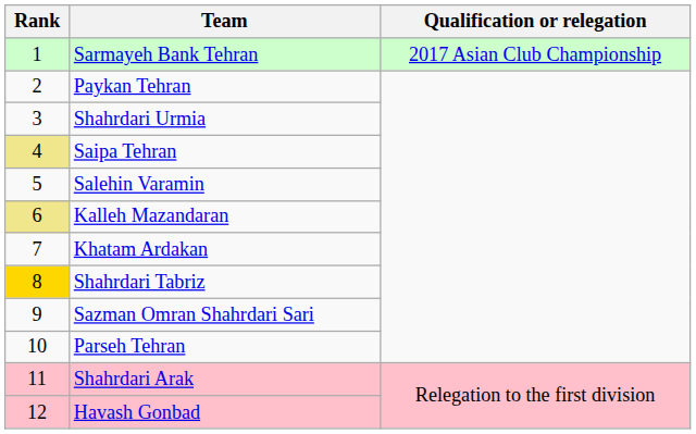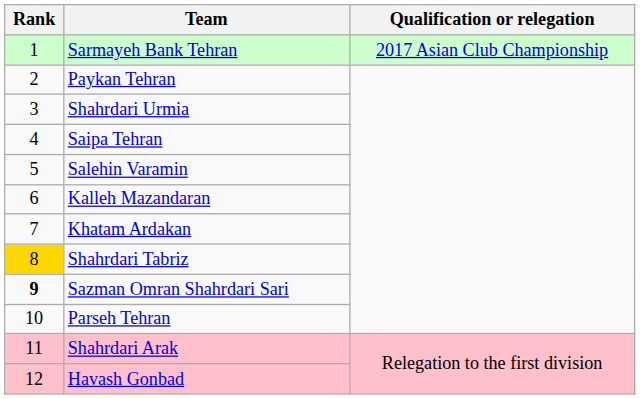 <table class="wikitable" style="text-align:center; font-size:90%">
 <tr>
 <th width=40>Rank</th>
 <th width=220>Team</th>
 <th width=220>Qualification or relegation</th>
 </tr>
 <tr bgcolor=#ccffcc>
 <td>1</td>
 <td style="text-align:left;"><a href='#'>Sarmayeh Bank Tehran</a></td>
 <td><a href='#'>2017 Asian Club Championship</a></td>
 </tr>
 <tr>
 <td>2</td>
 <td style="text-align:left;"><a href='#'>Paykan Tehran</a></td>
 <td rowspan=9></td>
 </tr>
 <tr>
 <td>3</td>
 <td style="text-align:left;"><a href='#'>Shahrdari Urmia</a></td>
 </tr>
 <tr>
-<td style="background: khaki;">4</td>
+<td>4</td>
 <td style="text-align:left;"><a href='#'>Saipa Tehran</a></td>
 </tr>
 <tr>
 <td>5</td>
 <td style="text-align:left;"><a href='#'>Salehin Varamin</a></td>
 </tr>
 <tr>
-<td style="background: khaki;">6</td>
+<td>6</td>
 <td style="text-align:left;"><a href='#'>Kalleh Mazandaran</a></td>
 </tr>
 <tr>
 <td>7</td>
 <td style="text-align:left;"><a href='#'>Khatam Ardakan</a></td>
 </tr>
 <tr>
 <td style="background: gold;">8</td>
 <td style="text-align:left;"><a href='#'>Shahrdari Tabriz</a></td>
 </tr>
 <tr>
-<td>9</td>
+<td><strong>9</strong></td>
 <td style="text-align:left;"><a href='#'>Sazman Omran Shahrdari Sari</a></td>
 </tr>
 <tr>
 <td>10</td>
 <td style="text-align:left;"><a href='#'>Parseh Tehran</a></td>
 </tr>
 <tr bgcolor=pink>
 <td>11</td>
 <td style="text-align:left;"><a href='#'>Shahrdari Arak</a></td>
 <td rowspan=2>Relegation to the first division</td>
 </tr>
 <tr bgcolor=pink>
 <td>12</td>
 <td style="text-align:left;"><a href='#'>Havash Gonbad</a></td>
 </tr>
 </table>
